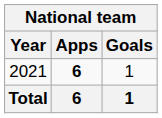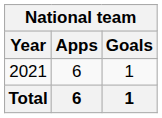 <table class="wikitable" style="text-align:center">
 <tr>
 <th colspan=3>National team</th>
 </tr>
 <tr>
 <th>Year</th>
 <th>Apps</th>
 <th>Goals</th>
 </tr>
 <tr>
 <td>2021</td>
-<td><strong>6</strong></td>
+<td>6</td>
 <td>1</td>
 </tr>
 <tr>
 <th>Total</th>
 <th>6</th>
 <th>1</th>
 </tr>
 </table>
